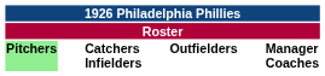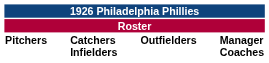 <table class="toccolours" style="font-size: 95%;">
 <tr>
 <th colspan="10" style="background-color: #0f437c; color: white; text-align: center;">1926 Philadelphia Phillies</th>
 </tr>
 <tr>
 <td colspan="10" style="background-color: #af0039; color: white; text-align: center;"><strong>Roster</strong></td>
 </tr>
 <tr>
-<td valign="top" style="background: lightgreen;"><strong>Pitchers</strong><br>          </td>
+<td valign="top"><strong>Pitchers</strong><br>          </td>
 <td width="25px"></td>
 <td valign="top"><strong>Catchers</strong><br>    <strong>Infielders</strong>              </td>
 <td width="25px"></td>
 <td valign="top"><strong>Outfielders</strong><br>     </td>
 <td width="25px"></td>
 <td valign="top"><strong>Manager</strong><br> <strong>Coaches</strong>  </td>
 </tr>
 </table>
